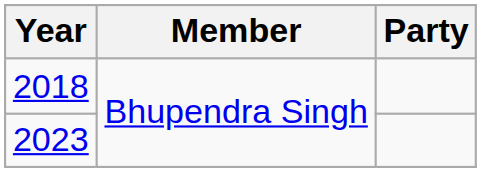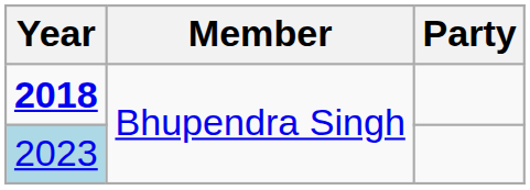 <table class="wikitable sortable">
 <tr>
 <th>Year</th>
 <th>Member</th>
 <th colspan=2>Party</th>
 </tr>
 <tr>
-<td><a href='#'>2018</a></td>
+<td><strong><a href='#'>2018</a></strong></td>
 <td rowspan="2"><a href='#'>Bhupendra Singh</a></td>
 <td></td>
 </tr>
 <tr>
-<td><a href='#'>2023</a></td>
+<td style="background: lightblue;"><a href='#'>2023</a></td>
 </tr>
 </table>
